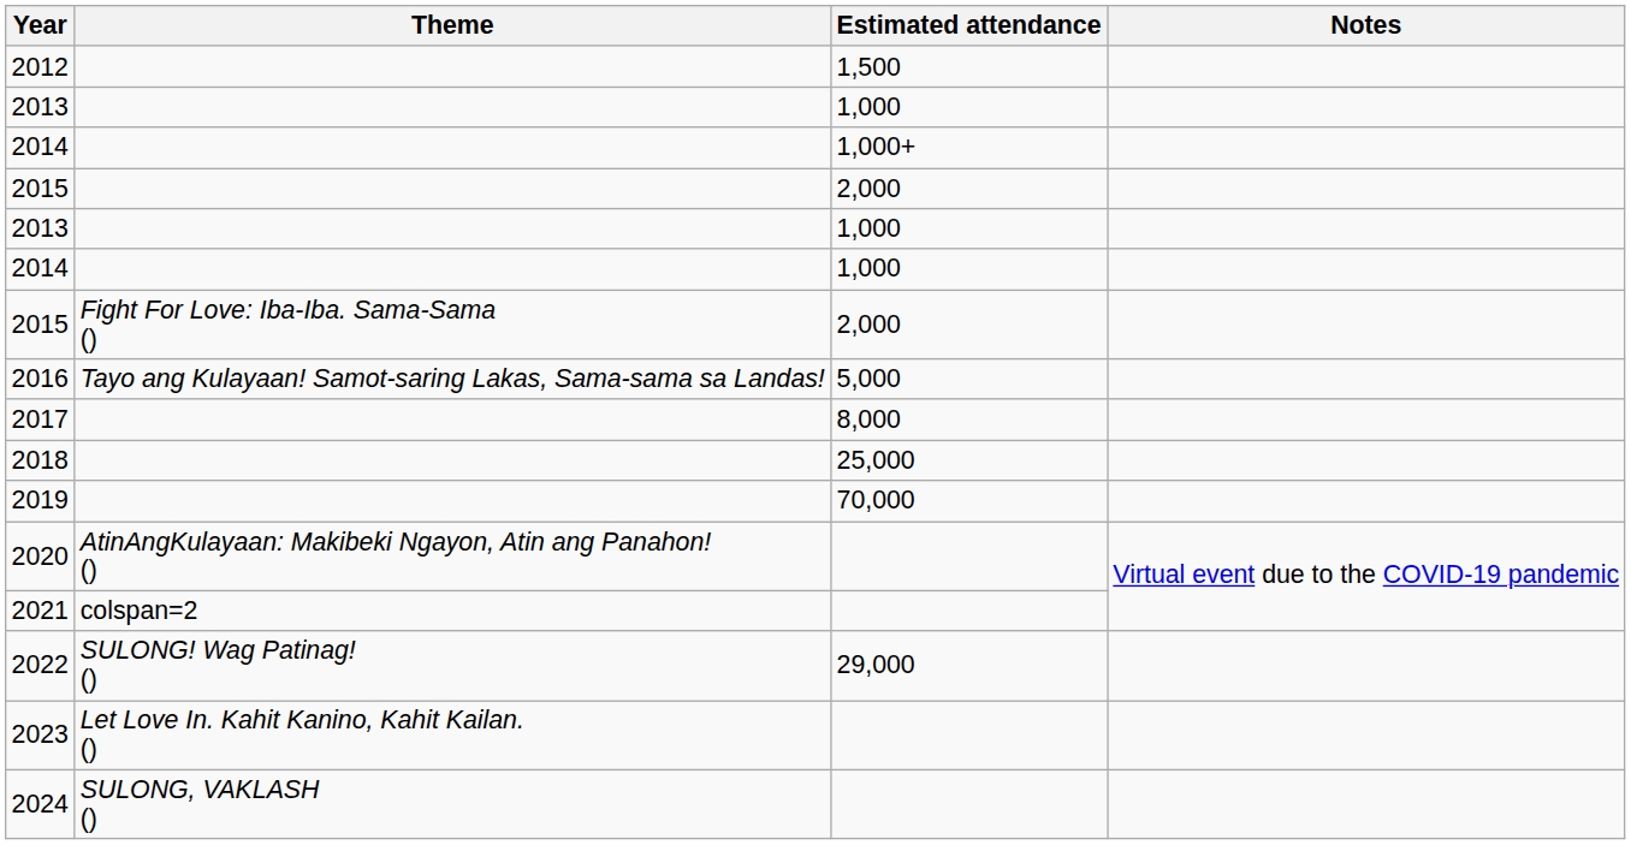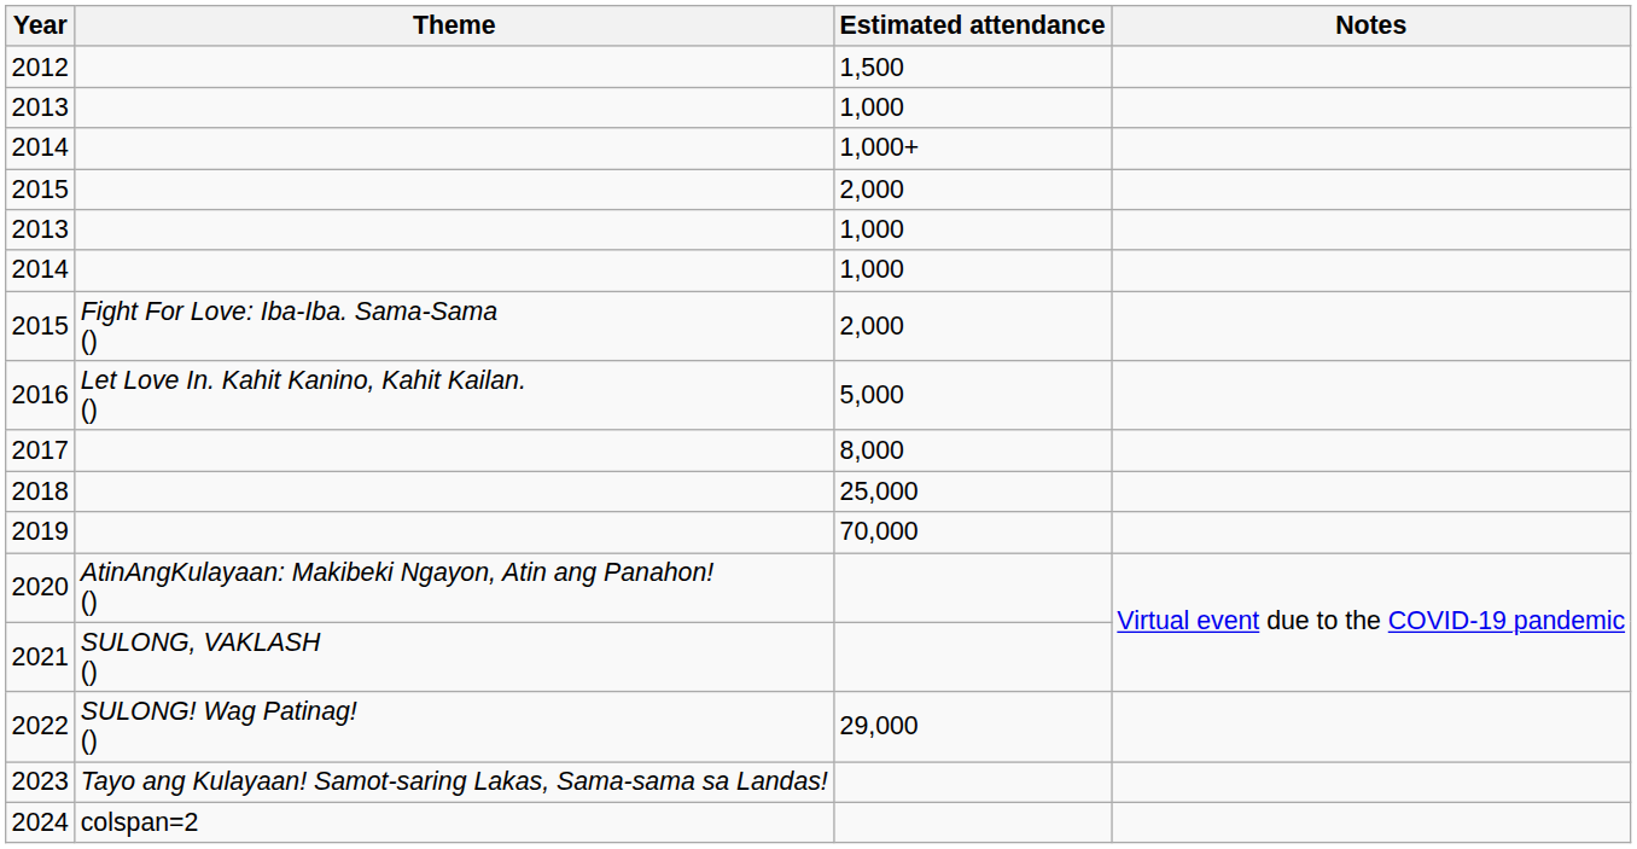 <table class="wikitable">
 <tr>
 <th>Year</th>
 <th>Theme</th>
 <th>Estimated attendance</th>
 <th>Notes</th>
 </tr>
 <tr>
 <td>2012</td>
 <td></td>
 <td>1,500</td>
 <td></td>
 </tr>
 <tr>
 <td>2013</td>
 <td></td>
 <td>1,000</td>
 <td></td>
 </tr>
 <tr>
 <td>2014</td>
 <td></td>
 <td>1,000+</td>
 <td></td>
 </tr>
 <tr>
 <td>2015</td>
 <td></td>
 <td>2,000</td>
 <td></td>
 </tr>
 <tr>
 <td>2013</td>
 <td></td>
 <td>1,000</td>
 <td></td>
 </tr>
 <tr>
 <td>2014</td>
 <td></td>
 <td>1,000</td>
 <td></td>
 </tr>
 <tr>
 <td>2015</td>
 <td><em>Fight For Love: Iba-Iba. Sama-Sama</em><br>()</td>
 <td>2,000</td>
 <td></td>
 </tr>
 <tr>
 <td>2016</td>
-<td><em>Tayo ang Kulayaan! Samot-saring Lakas, Sama-sama sa Landas!</em></td>
+<td><em>Let Love In. Kahit Kanino, Kahit Kailan.</em><br>()</td>
 <td>5,000</td>
 <td></td>
 </tr>
 <tr>
 <td>2017</td>
 <td></td>
 <td>8,000</td>
 <td></td>
 </tr>
 <tr>
 <td>2018</td>
 <td></td>
 <td>25,000</td>
 <td></td>
 </tr>
 <tr>
 <td>2019</td>
 <td></td>
 <td>70,000</td>
 <td></td>
 </tr>
 <tr>
 <td>2020</td>
 <td><em>AtinAngKulayaan: Makibeki Ngayon, Atin ang Panahon!</em><br>()</td>
 <td></td>
 <td rowspan=2><a href='#'>Virtual event</a> due to the <a href='#'>COVID-19 pandemic</a></td>
 </tr>
 <tr>
 <td>2021</td>
-<td>colspan=2</td>
+<td><em>SULONG, VAKLASH</em><br>()</td>
 <td></td>
 </tr>
 <tr>
 <td>2022</td>
 <td><em>SULONG! Wag Patinag!</em><br>()</td>
 <td>29,000</td>
 <td></td>
 </tr>
 <tr>
 <td>2023</td>
-<td><em>Let Love In. Kahit Kanino, Kahit Kailan.</em><br>()</td>
+<td><em>Tayo ang Kulayaan! Samot-saring Lakas, Sama-sama sa Landas!</em></td>
 <td></td>
 <td></td>
 </tr>
 <tr>
 <td>2024</td>
-<td><em>SULONG, VAKLASH</em><br>()</td>
+<td>colspan=2</td>
 <td></td>
 </tr>
 </table>
